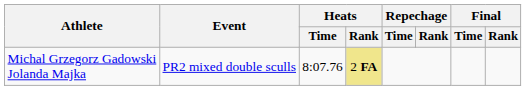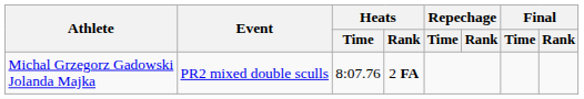 <table class="wikitable" style="font-size:90%">
 <tr>
 <th rowspan=2>Athlete</th>
 <th rowspan=2>Event</th>
 <th colspan=2>Heats</th>
 <th colspan=2>Repechage</th>
 <th colspan=2>Final</th>
 </tr>
 <tr style="font-size:95%">
 <th>Time</th>
 <th>Rank</th>
 <th>Time</th>
 <th>Rank</th>
 <th>Time</th>
 <th>Rank</th>
 </tr>
 <tr align=center>
 <td align=left><a href='#'>Michal Grzegorz Gadowski</a><br><a href='#'>Jolanda Majka</a></td>
 <td align=left><a href='#'>PR2 mixed double sculls</a></td>
 <td>8:07.76</td>
-<td style="background: khaki;">2 <strong>FA</strong></td>
+<td>2 <strong>FA</strong></td>
 <td colspan="2"></td>
 <td></td>
 <td></td>
 </tr>
 </table>
